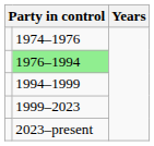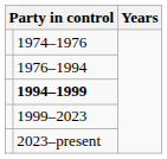 <table class="wikitable">
 <tr>
 <th colspan="2">Party in control</th>
 <th>Years</th>
 </tr>
 <tr>
 <td></td>
 <td>1974–1976</td>
 </tr>
 <tr>
 <td></td>
-<td style="background: lightgreen;">1976–1994</td>
+<td>1976–1994</td>
 </tr>
 <tr>
 <td></td>
-<td>1994–1999</td>
+<td><strong>1994–1999</strong></td>
 </tr>
 <tr>
 <td></td>
 <td>1999–2023</td>
 </tr>
 <tr>
 <td></td>
 <td>2023–present</td>
 </tr>
 </table>
